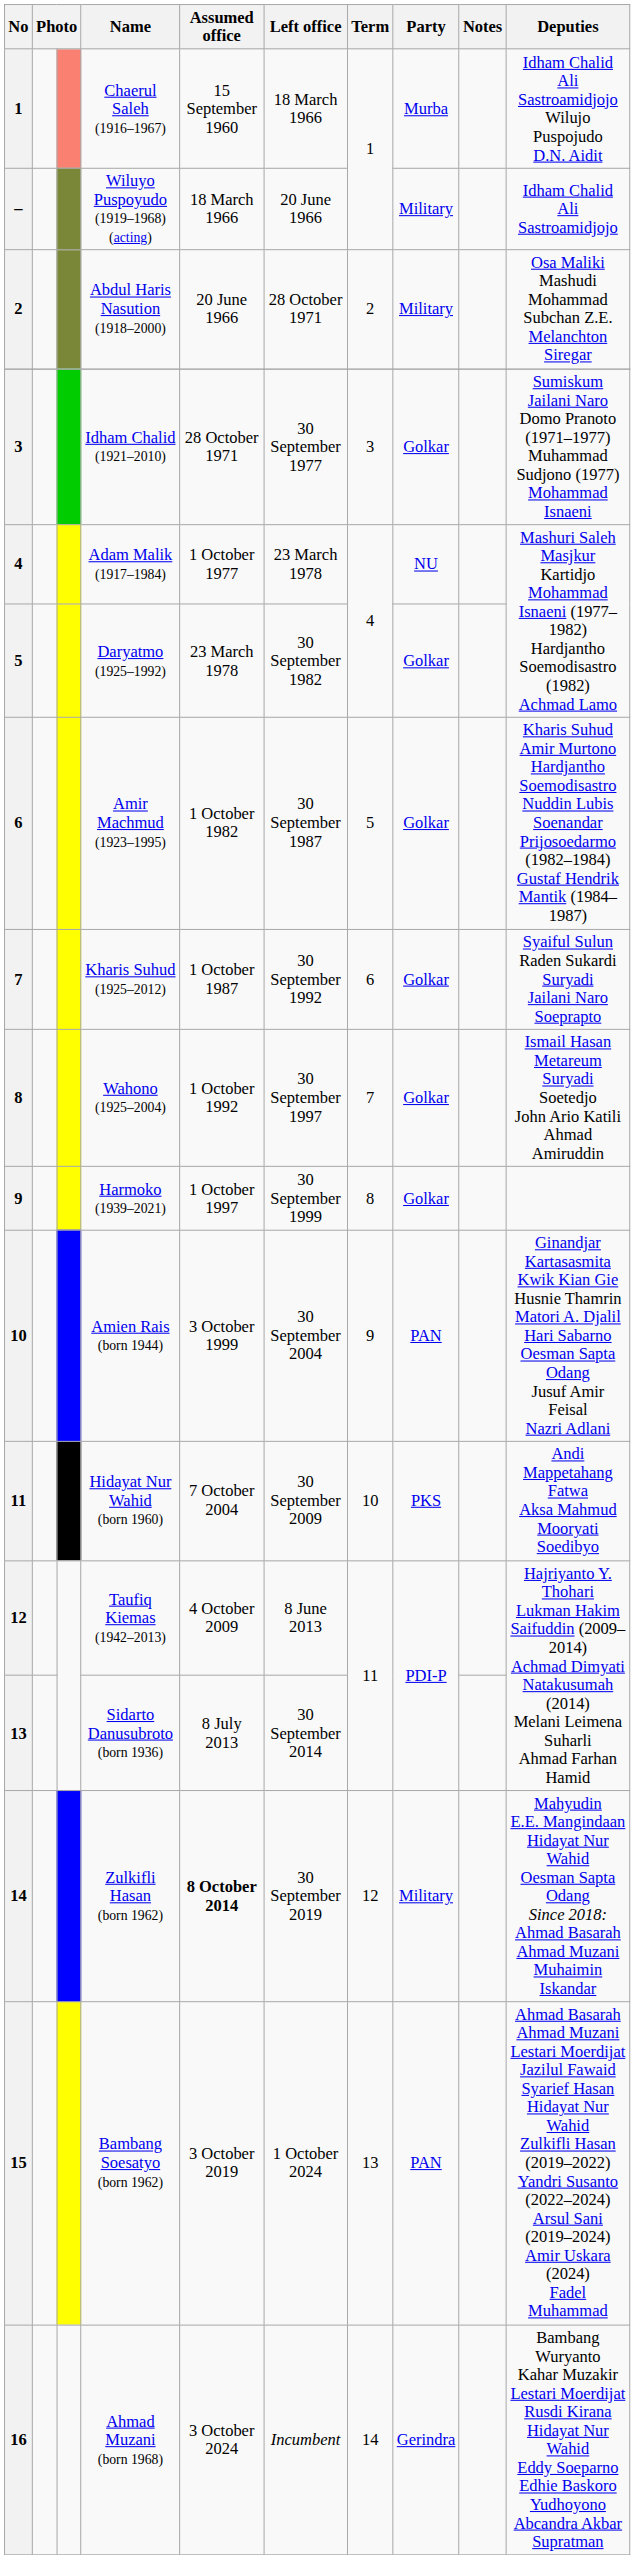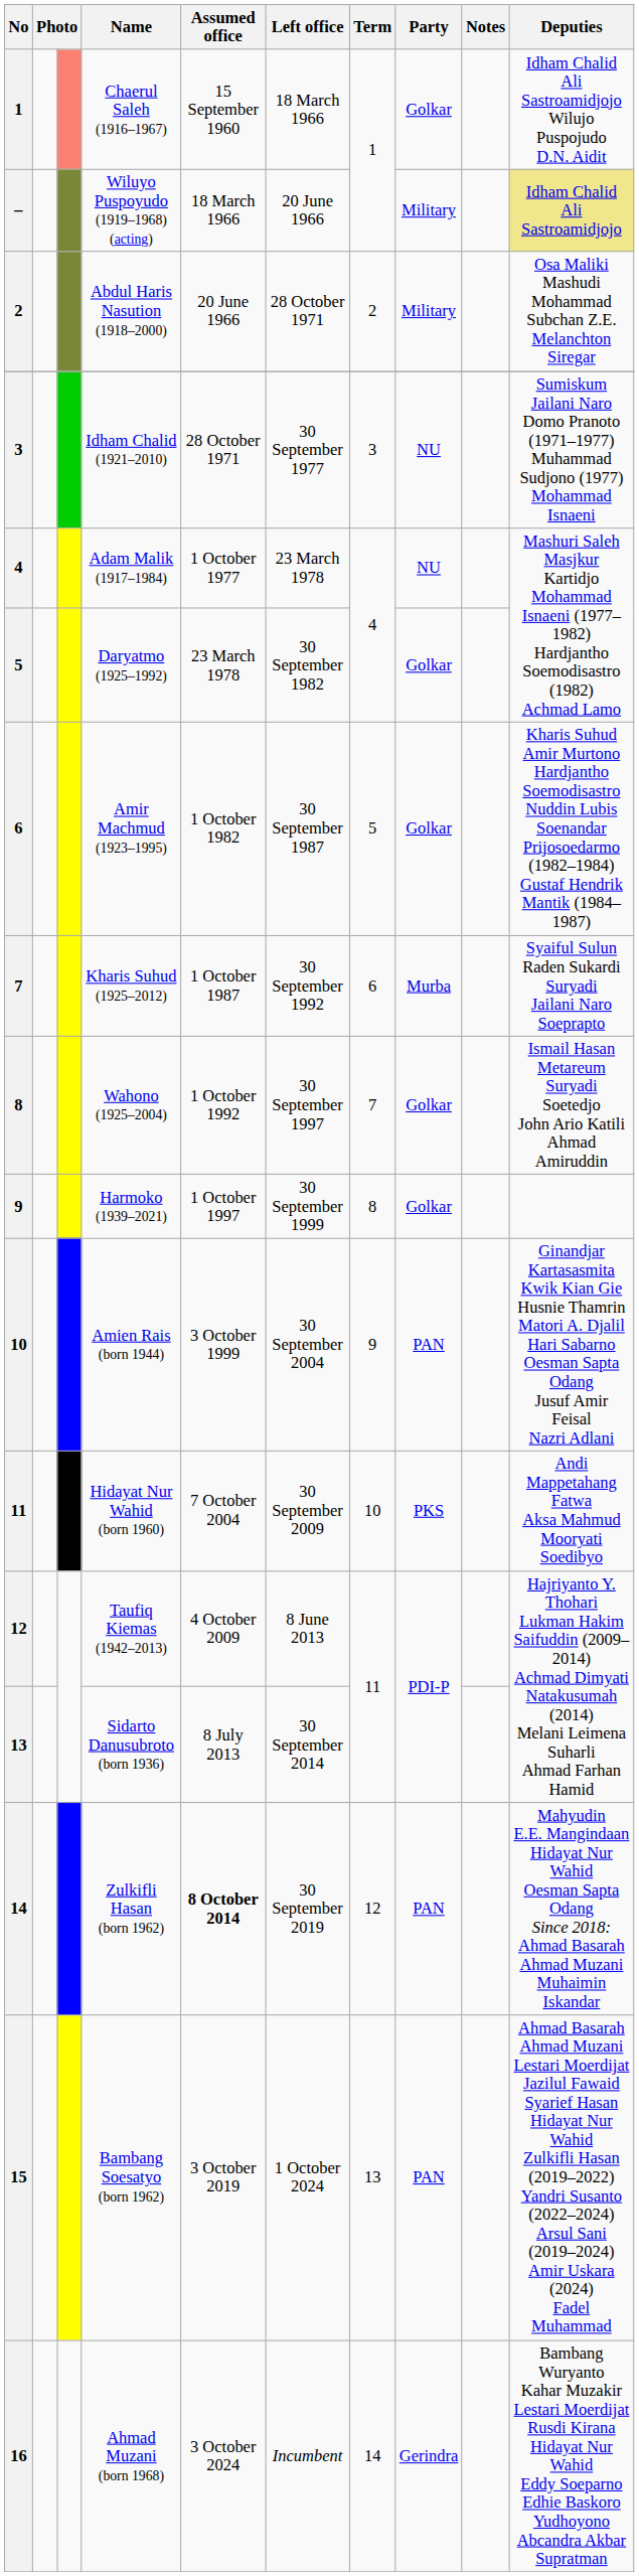 <table class="wikitable" style="text-align: center">
 <tr>
 <th>No</th>
 <th colspan="2">Photo</th>
 <th>Name<br></th>
 <th>Assumed office</th>
 <th>Left office</th>
 <th>Term</th>
 <th>Party <br></th>
 <th>Notes</th>
 <th>Deputies</th>
 </tr>
 <tr>
 <th>1</th>
 <td></td>
 <td style="background-color: salmon"></td>
 <td style="text-align: center"><a href='#'>Chaerul Saleh</a><br><small>(1916–1967)</small></td>
 <td>15 September 1960</td>
 <td>18 March 1966</td>
 <td rowspan="2">1</td>
-<td><a href='#'>Murba</a></td>
+<td><a href='#'>Golkar</a></td>
 <td></td>
 <td><a href='#'>Idham Chalid</a><br><a href='#'>Ali Sastroamidjojo</a><br>Wilujo Puspojudo<br><a href='#'>D.N. Aidit</a></td>
 </tr>
 <tr>
 <th>–</th>
 <td></td>
 <td style="background-color: #7B8738"></td>
 <td style="text-align: center"><a href='#'>Wiluyo Puspoyudo</a><br><small>(1919–1968)<br>(<a href='#'>acting</a>)</small></td>
 <td>18 March 1966</td>
 <td>20 June 1966</td>
 <td><a href='#'>Military</a></td>
 <td></td>
-<td><a href='#'>Idham Chalid</a><br><a href='#'>Ali Sastroamidjojo</a></td>
+<td style="background: khaki;"><a href='#'>Idham Chalid</a><br><a href='#'>Ali Sastroamidjojo</a></td>
 </tr>
 <tr>
 <th>2</th>
 <td></td>
 <td style="background-color: #7B8738"></td>
 <td style="text-align: center"><a href='#'>Abdul Haris Nasution</a><br><small>(1918–2000)</small></td>
 <td>20 June 1966</td>
 <td>28 October 1971</td>
 <td>2</td>
 <td><a href='#'>Military</a><br></td>
 <td></td>
 <td><a href='#'>Osa Maliki</a><br>Mashudi<br>Mohammad Subchan Z.E.<br><a href='#'>Melanchton Siregar</a></td>
 </tr>
 <tr>
 </tr>
 <tr>
 <th>3</th>
 <td></td>
 <td style="background-color: #00cc00"></td>
 <td style="text-align: center"><a href='#'>Idham Chalid</a><br><small>(1921–2010)</small></td>
 <td>28 October 1971</td>
 <td>30 September 1977</td>
 <td>3</td>
-<td><a href='#'>Golkar</a></td>
+<td><a href='#'>NU</a></td>
 <td><br></td>
 <td><a href='#'>Sumiskum</a><br><a href='#'>Jailani Naro</a><br>Domo Pranoto (1971–1977)<br>Muhammad Sudjono (1977)<br><a href='#'>Mohammad Isnaeni</a></td>
 </tr>
 <tr>
 <th>4</th>
 <td></td>
 <td style="background-color: #ffff00"></td>
 <td style="text-align: center"><a href='#'>Adam Malik</a><br><small>(1917–1984)</small></td>
 <td>1 October 1977</td>
 <td>23 March 1978</td>
 <td rowspan="2">4</td>
 <td><a href='#'>NU</a></td>
 <td></td>
 <td rowspan="2"><a href='#'>Mashuri Saleh</a><br><a href='#'>Masjkur</a><br>Kartidjo<br><a href='#'>Mohammad Isnaeni</a> (1977–1982)<br>Hardjantho Soemodisastro (1982)<br><a href='#'>Achmad Lamo</a></td>
 </tr>
 <tr>
 <th>5</th>
 <td></td>
 <td style="background-color: #ffff00"></td>
 <td style="text-align: center"><a href='#'>Daryatmo</a><br><small>(1925–1992)</small></td>
 <td>23 March 1978</td>
 <td>30 September 1982</td>
 <td><a href='#'>Golkar</a></td>
 <td></td>
 </tr>
 <tr>
 <th>6</th>
 <td></td>
 <td style="background-color: #ffff00"></td>
 <td style="text-align: center"><a href='#'>Amir Machmud</a><br><small>(1923–1995)</small></td>
 <td>1 October 1982</td>
 <td>30 September 1987</td>
 <td>5</td>
 <td><a href='#'>Golkar</a></td>
 <td></td>
 <td><a href='#'>Kharis Suhud</a><br><a href='#'>Amir Murtono</a><br><a href='#'>Hardjantho Soemodisastro</a><br><a href='#'>Nuddin Lubis</a><br><a href='#'>Soenandar Prijosoedarmo</a> (1982–1984)<br><a href='#'>Gustaf Hendrik Mantik</a> (1984–1987)</td>
 </tr>
 <tr>
 <th>7</th>
 <td></td>
 <td style="background-color: #ffff00"></td>
 <td style="text-align: center"><a href='#'>Kharis Suhud</a><br><small>(1925–2012)</small></td>
 <td>1 October 1987</td>
 <td>30 September 1992</td>
 <td>6</td>
-<td><a href='#'>Golkar</a></td>
+<td><a href='#'>Murba</a></td>
 <td></td>
 <td><a href='#'>Syaiful Sulun</a><br>Raden Sukardi<br><a href='#'>Suryadi</a><br><a href='#'>Jailani Naro</a><br><a href='#'>Soeprapto</a></td>
 </tr>
 <tr>
 <th>8</th>
 <td></td>
 <td style="background-color: #ffff00"></td>
 <td style="text-align: center"><a href='#'>Wahono</a><br><small>(1925–2004)</small></td>
 <td>1 October 1992</td>
 <td>30 September 1997</td>
 <td>7</td>
 <td><a href='#'>Golkar</a></td>
 <td></td>
 <td><a href='#'>Ismail Hasan Metareum</a><br><a href='#'>Suryadi</a><br>Soetedjo<br>John Ario Katili<br>Ahmad Amiruddin</td>
 </tr>
 <tr>
 <th>9</th>
 <td></td>
 <td style="background-color: #ffff00"></td>
 <td style="text-align: center"><a href='#'>Harmoko</a><br><small>(1939–2021)</small></td>
 <td>1 October 1997</td>
 <td>30 September 1999</td>
 <td>8</td>
 <td><a href='#'>Golkar</a></td>
 <td></td>
 <td></td>
 </tr>
 <tr>
 <th>10</th>
 <td></td>
 <td style="background-color: #0000FF"></td>
 <td style="text-align: center"><a href='#'>Amien Rais</a><br><small>(born 1944)</small></td>
 <td>3 October 1999</td>
 <td>30 September 2004</td>
 <td>9</td>
 <td><a href='#'>PAN</a></td>
 <td><br></td>
 <td><a href='#'>Ginandjar Kartasasmita</a><br><a href='#'>Kwik Kian Gie</a><br>Husnie Thamrin<br><a href='#'>Matori A. Djalil</a><br><a href='#'>Hari Sabarno</a><br><a href='#'>Oesman Sapta Odang</a><br>Jusuf Amir Feisal<br><a href='#'>Nazri Adlani</a></td>
 </tr>
 <tr>
 <th>11</th>
 <td></td>
 <td style="background-color: #000000"></td>
 <td style="text-align: center"><a href='#'>Hidayat Nur Wahid</a><br><small>(born 1960)</small></td>
 <td>7 October 2004</td>
 <td>30 September 2009</td>
 <td>10</td>
 <td><a href='#'>PKS</a></td>
 <td></td>
 <td><a href='#'>Andi Mappetahang Fatwa</a><br><a href='#'>Aksa Mahmud</a><br><a href='#'>Mooryati Soedibyo</a></td>
 </tr>
 <tr>
 <th>12</th>
 <td></td>
 <td rowspan="2" style="background-color: "></td>
 <td style="text-align: center"><a href='#'>Taufiq Kiemas</a><br><small>(1942–2013)</small></td>
 <td>4 October 2009</td>
 <td>8 June 2013</td>
 <td rowspan="2">11</td>
 <td rowspan="2"><a href='#'>PDI-P</a></td>
 <td></td>
 <td rowspan="2"><a href='#'>Hajriyanto Y. Thohari</a><br><a href='#'>Lukman Hakim Saifuddin</a> (2009–2014)<br><a href='#'>Achmad Dimyati Natakusumah</a> (2014)<br>Melani Leimena Suharli<br>Ahmad Farhan Hamid</td>
 </tr>
 <tr>
 <th>13</th>
 <td></td>
 <td style="text-align: center"><a href='#'>Sidarto Danusubroto</a><br><small>(born 1936)</small></td>
 <td>8 July 2013</td>
 <td>30 September 2014</td>
 <td></td>
 </tr>
 <tr>
 <th>14</th>
 <td></td>
 <td style="background-color: #0000FF"></td>
 <td style="text-align: center"><a href='#'>Zulkifli Hasan</a><br><small>(born 1962)</small></td>
 <td><strong>8 October 2014</strong></td>
 <td>30 September 2019</td>
 <td>12</td>
-<td><a href='#'>Military</a><br></td>
+<td><a href='#'>PAN</a></td>
 <td></td>
 <td><a href='#'>Mahyudin</a><br><a href='#'>E.E. Mangindaan</a><br><a href='#'>Hidayat Nur Wahid</a><br><a href='#'>Oesman Sapta Odang</a><br><em>Since 2018:</em><br><a href='#'>Ahmad Basarah</a><br><a href='#'>Ahmad Muzani</a><br><a href='#'>Muhaimin Iskandar</a></td>
 </tr>
 <tr>
 <th>15</th>
 <td></td>
 <td style="background-color: #ffff00"></td>
 <td style="text-align: center"><a href='#'>Bambang Soesatyo</a><br><small>(born 1962)</small></td>
 <td>3 October 2019</td>
 <td>1 October 2024</td>
 <td>13</td>
 <td><a href='#'>PAN</a></td>
 <td></td>
 <td><a href='#'>Ahmad Basarah</a><br><a href='#'>Ahmad Muzani</a><br><a href='#'>Lestari Moerdijat</a><br><a href='#'>Jazilul Fawaid</a><br><a href='#'>Syarief Hasan</a><br><a href='#'>Hidayat Nur Wahid</a><br><a href='#'>Zulkifli Hasan</a> (2019–2022)<br><a href='#'>Yandri Susanto</a> (2022–2024)<br><a href='#'>Arsul Sani</a> (2019–2024)<br><a href='#'>Amir Uskara</a> (2024)<br><a href='#'>Fadel Muhammad</a></td>
 </tr>
 <tr>
 <th>16</th>
 <td></td>
 <td bgcolor=></td>
 <td style="text-align: center"><a href='#'>Ahmad Muzani</a><br><small>(born 1968)</small></td>
 <td>3 October 2024</td>
 <td><em>Incumbent</em></td>
 <td>14</td>
 <td><a href='#'>Gerindra</a></td>
 <td></td>
 <td>Bambang Wuryanto<br>Kahar Muzakir<br><a href='#'>Lestari Moerdijat</a><br><a href='#'>Rusdi Kirana</a><br><a href='#'>Hidayat Nur Wahid</a><br><a href='#'>Eddy Soeparno</a><br><a href='#'>Edhie Baskoro Yudhoyono</a><br><a href='#'>Abcandra Akbar Supratman</a></td>
 </tr>
 </table>
